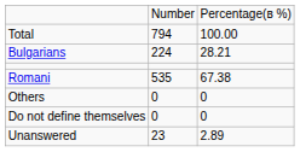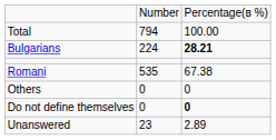 <table class="wikitable">
 <tr>
 <td></td>
 <td>Number</td>
 <td>Percentage(в %)</td>
 </tr>
 <tr>
 <td>Total</td>
 <td>794</td>
 <td>100.00</td>
 </tr>
 <tr>
 <td><a href='#'>Bulgarians</a></td>
 <td>224</td>
-<td>28.21</td>
+<td><strong>28.21</strong></td>
 </tr>
 <tr>
 <td></td>
 <td></td>
 <td></td>
 </tr>
 <tr>
 <td><a href='#'>Romani</a></td>
 <td>535</td>
 <td>67.38</td>
 </tr>
 <tr>
 <td>Others</td>
 <td>0</td>
 <td>0</td>
 </tr>
 <tr>
 <td>Do not define themselves</td>
 <td>0</td>
-<td>0</td>
+<td><strong>0</strong></td>
 </tr>
 <tr>
 <td>Unanswered</td>
 <td>23</td>
 <td>2.89</td>
 </tr>
 </table>
